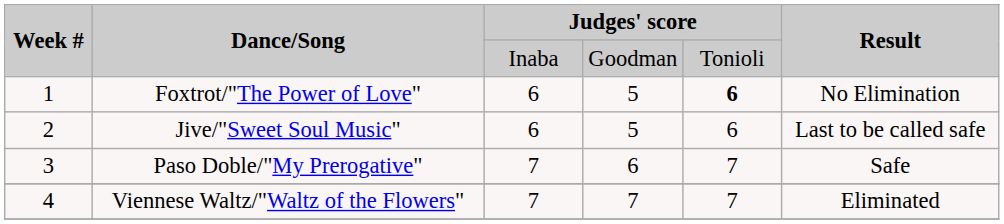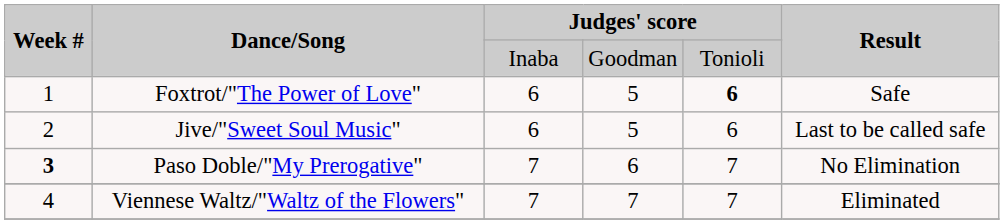 <table class="wikitable">
 <tr style="text-align:center; text-align:center; background:#ccc;">
 <td rowspan="2"><strong>Week #</strong></td>
 <td rowspan="2"><strong>Dance/Song</strong></td>
 <td colspan="3"><strong>Judges' score</strong></td>
 <td rowspan="2"><strong>Result</strong></td>
 </tr>
 <tr style="text-align:center; background:#ccc;">
 <td style="width:10%; ">Inaba</td>
 <td style="width:10%; ">Goodman</td>
 <td style="width:10%; ">Tonioli</td>
 </tr>
 <tr>
 <td style="text-align:center; background:#faf6f6;">1</td>
 <td style="text-align:center; background:#faf6f6;">Foxtrot/"<a href='#'>The Power of Love</a>"</td>
 <td style="text-align:center; background:#faf6f6;">6</td>
 <td style="text-align:center; background:#faf6f6;">5</td>
 <td style="text-align:center; background:#faf6f6;"><strong>6</strong></td>
-<td style="text-align:center; background:#faf6f6;">No Elimination</td>
+<td style="text-align:center; background:#faf6f6;">Safe</td>
 </tr>
 <tr style="text-align:center; background:#faf6f6;">
 <td>2</td>
 <td>Jive/"<a href='#'>Sweet Soul Music</a>"</td>
 <td>6</td>
 <td>5</td>
 <td>6</td>
 <td>Last to be called safe</td>
 </tr>
 <tr>
-<td style="text-align:center; background:#faf6f6;">3</td>
+<td style="text-align:center; background:#faf6f6;"><strong>3</strong></td>
 <td style="text-align:center; background:#faf6f6;">Paso Doble/"<a href='#'>My Prerogative</a>"</td>
 <td style="text-align:center; background:#faf6f6;">7</td>
 <td style="text-align:center; background:#faf6f6;">6</td>
 <td style="text-align:center; background:#faf6f6;">7</td>
-<td style="text-align:center; background:#faf6f6;">Safe</td>
+<td style="text-align:center; background:#faf6f6;">No Elimination</td>
 </tr>
 <tr style="text-align:center; background:#faf6f6;">
 </tr>
 <tr>
 <td style="text-align:center; background:#faf6f6;">4</td>
 <td style="text-align:center; background:#faf6f6;">Viennese Waltz/"<a href='#'>Waltz of the Flowers</a>"</td>
 <td style="text-align:center; background:#faf6f6;">7</td>
 <td style="text-align:center; background:#faf6f6;">7</td>
 <td style="text-align:center; background:#faf6f6;">7</td>
 <td style="text-align:center; background:#faf6f6;">Eliminated</td>
 </tr>
 <tr style="text-align:center; background:#faf6f6;">
 </tr>
 </table>
